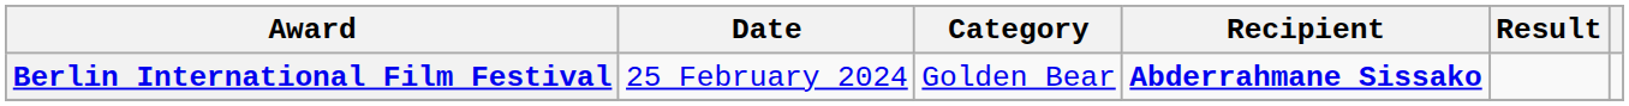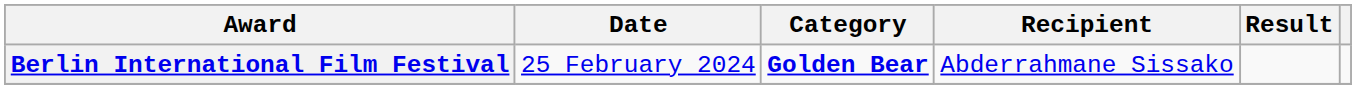 <table class="wikitable sortable plainrowheaders">
 <tr>
 <th>Award</th>
 <th>Date</th>
 <th>Category</th>
 <th>Recipient</th>
 <th>Result</th>
 <th></th>
 </tr>
 <tr>
 <th scope="row"><a href='#'>Berlin International Film Festival</a></th>
 <td><a href='#'>25 February 2024</a></td>
-<td><a href='#'>Golden Bear</a></td>
-<td><strong><a href='#'>Abderrahmane Sissako</a></strong></td>
+<td><strong><a href='#'>Golden Bear</a></strong></td>
+<td><a href='#'>Abderrahmane Sissako</a></td>
 <td></td>
 <td align="center" rowspan="1"></td>
 </tr>
 <tr>
 </tr>
 </table>
